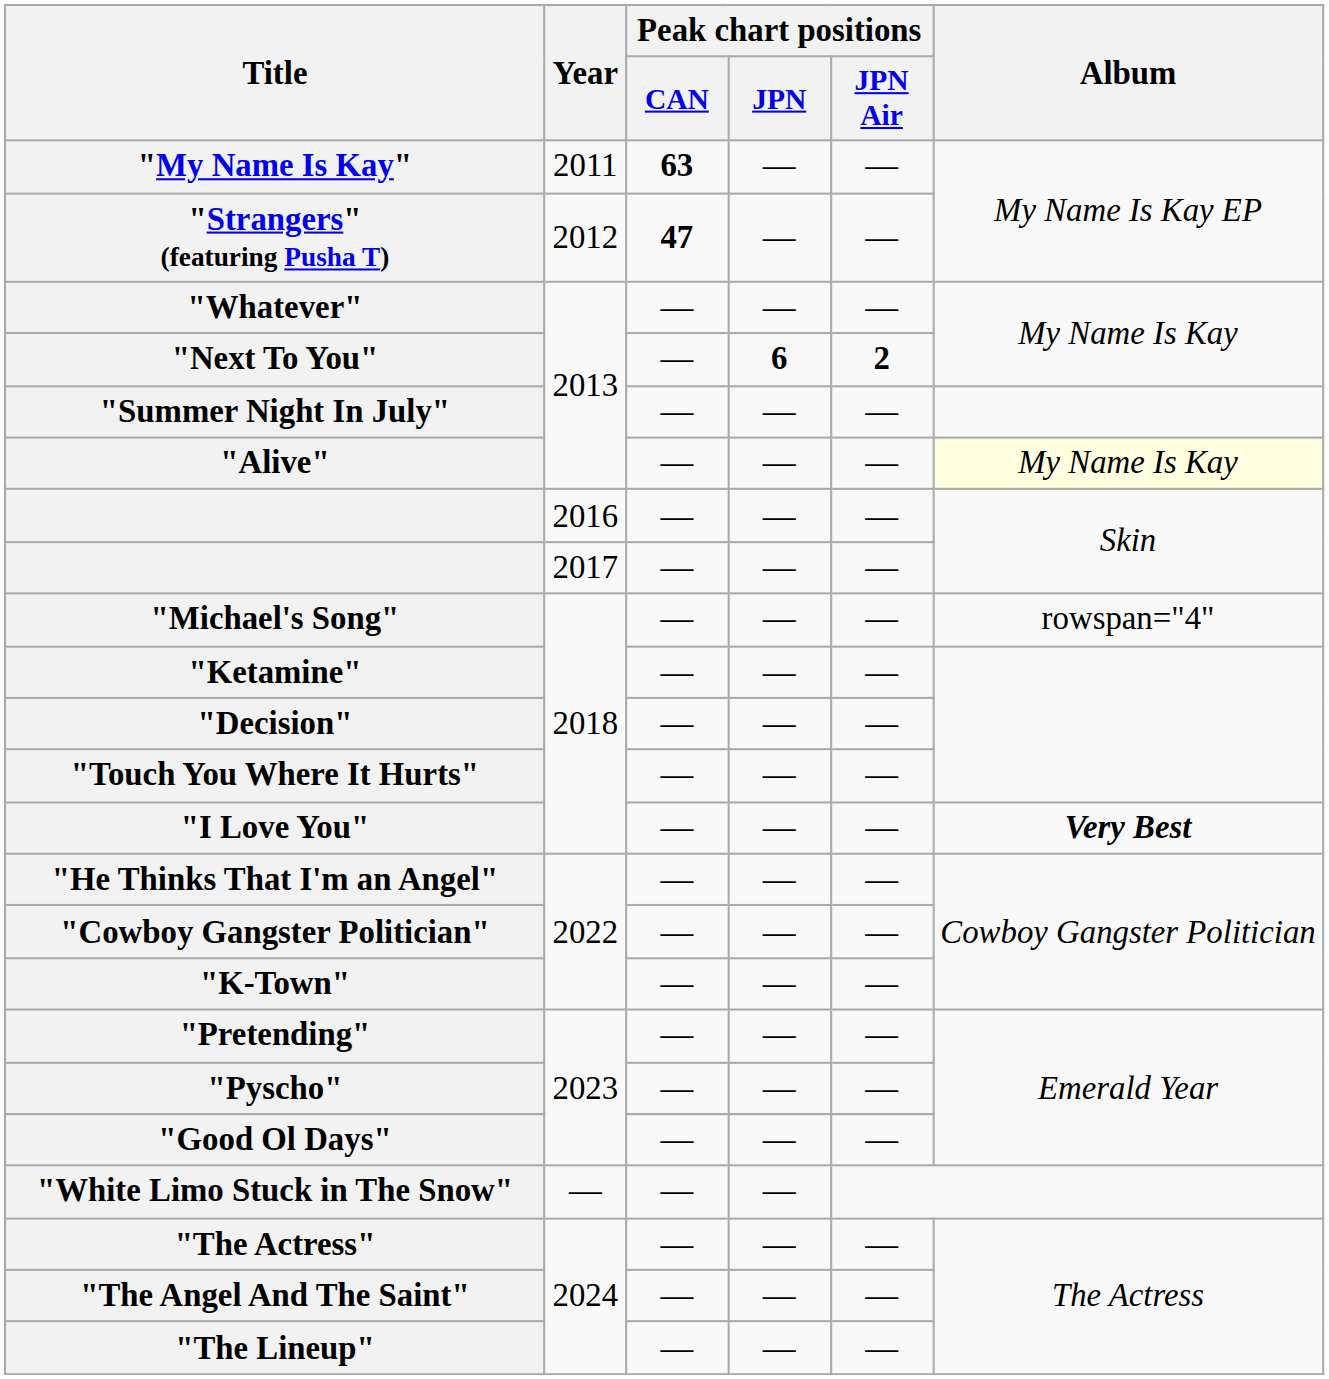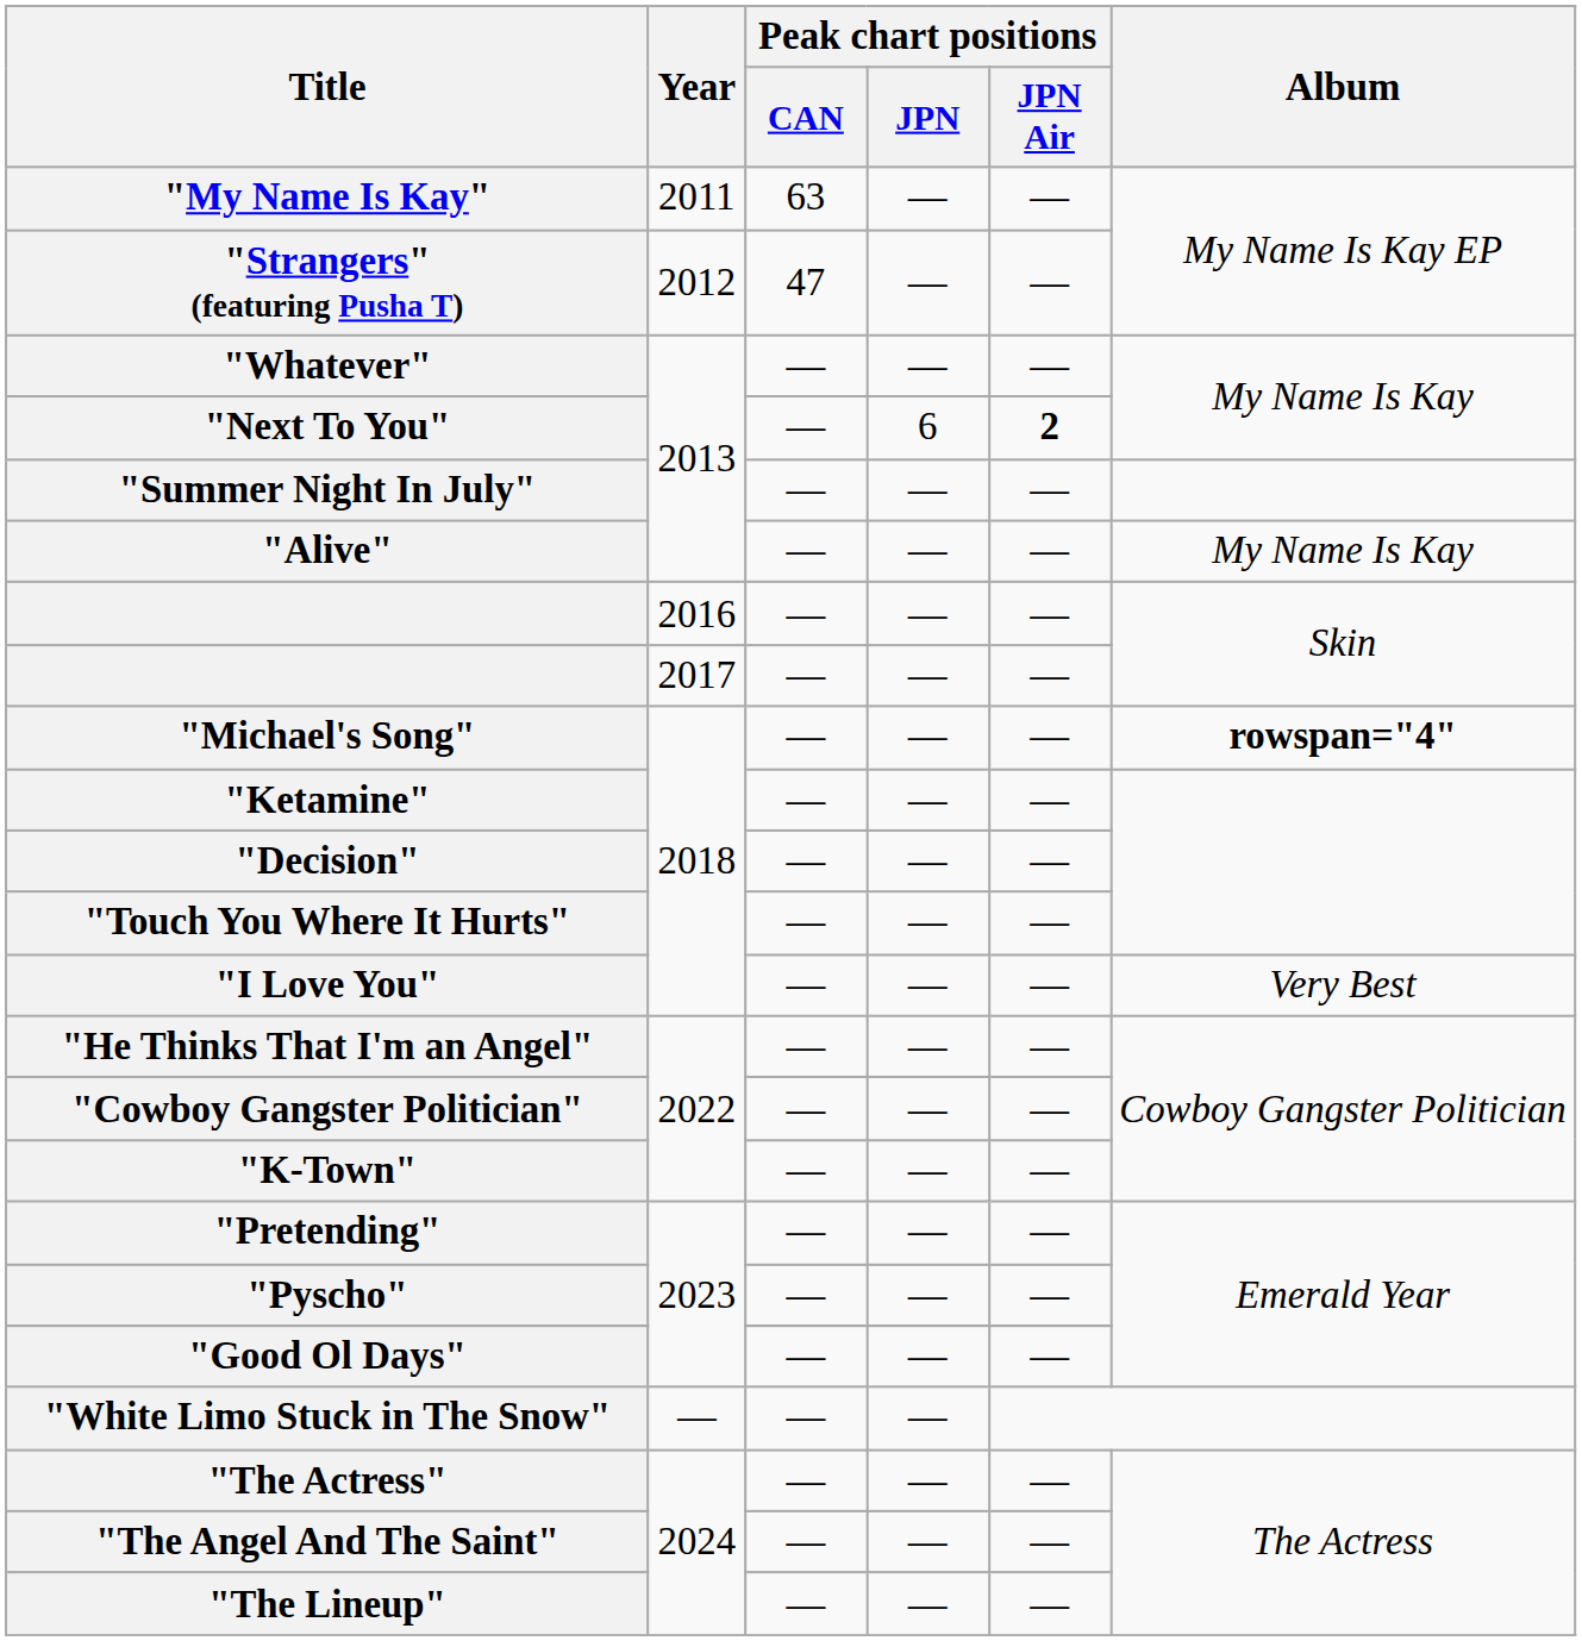 <table class="wikitable plainrowheaders" style="text-align:center;">
 <tr>
 <th scope="col" rowspan="2" style="width:16em;">Title</th>
 <th scope="col" rowspan="2">Year</th>
 <th scope="col" colspan="3">Peak chart positions</th>
 <th scope="col" rowspan="2">Album</th>
 </tr>
 <tr>
 <th scope="col" style="width:3em;font-size:90%;"><a href='#'>CAN</a><br></th>
 <th scope="col" style="width:3em;font-size:90%;"><a href='#'>JPN</a><br></th>
 <th scope="col" style="width:3em;font-size:90%;"><a href='#'>JPN<br>Air</a><br></th>
 </tr>
 <tr>
 <th scope="row">"<a href='#'>My Name Is Kay</a>"</th>
 <td>2011</td>
-<td><strong>63</strong></td>
+<td>63</td>
 <td>—</td>
 <td>—</td>
 <td rowspan="2"><em>My Name Is Kay EP</em></td>
 </tr>
 <tr>
 <th scope="row">"<a href='#'>Strangers</a>"<br><small>(featuring <a href='#'>Pusha T</a>)</small></th>
 <td>2012</td>
-<td><strong>47</strong></td>
+<td>47</td>
 <td>—</td>
 <td>—</td>
 </tr>
 <tr>
 <th scope="row">"Whatever"</th>
 <td rowspan="4">2013</td>
 <td>—</td>
 <td>—</td>
 <td>—</td>
 <td rowspan="2"><em>My Name Is Kay</em></td>
 </tr>
 <tr>
 <th scope="row">"Next To You"</th>
 <td>—</td>
-<td><strong>6</strong></td>
+<td>6</td>
 <td><strong>2</strong></td>
 </tr>
 <tr>
 <th scope="row">"Summer Night In July"<br></th>
 <td>—</td>
 <td>—</td>
 <td>—</td>
 <td></td>
 </tr>
 <tr>
 <th scope="row">"Alive"</th>
 <td>—</td>
 <td>—</td>
 <td>—</td>
-<td style="background: lightyellow;"><em>My Name Is Kay</em></td>
+<td><em>My Name Is Kay</em></td>
 </tr>
 <tr>
 <th scope="row"></th>
 <td>2016</td>
 <td>—</td>
 <td>—</td>
 <td>—</td>
 <td rowspan="2"><em>Skin</em></td>
 </tr>
 <tr>
 <th scope="row"></th>
 <td>2017</td>
 <td>—</td>
 <td>—</td>
 <td>—</td>
 </tr>
 <tr>
 <th scope="row">"Michael's Song"</th>
 <td rowspan="5">2018</td>
 <td>—</td>
 <td>—</td>
 <td>—</td>
-<td>rowspan="4" </td>
+<td><strong>rowspan="4" </strong></td>
 </tr>
 <tr>
 <th scope="row">"Ketamine"</th>
 <td>—</td>
 <td>—</td>
 <td>—</td>
 </tr>
 <tr>
 <th scope="row">"Decision"</th>
 <td>—</td>
 <td>—</td>
 <td>—</td>
 </tr>
 <tr>
 <th scope="row">"Touch You Where It Hurts"</th>
 <td>—</td>
 <td>—</td>
 <td>—</td>
 </tr>
 <tr>
 <th scope="row">"I Love You"</th>
 <td>—</td>
 <td>—</td>
 <td>—</td>
-<td><strong><em>Very Best</em></strong></td>
+<td><em>Very Best</em></td>
 </tr>
 <tr>
 <th scope="row">"He Thinks That I'm an Angel"<br></th>
 <td rowspan="3">2022</td>
 <td>—</td>
 <td>—</td>
 <td>—</td>
 <td rowspan="3"><em>Cowboy Gangster Politician</em></td>
 </tr>
 <tr>
 <th scope="row">"Cowboy Gangster Politician"</th>
 <td>—</td>
 <td>—</td>
 <td>—</td>
 </tr>
 <tr>
 <th scope="row">"K-Town"</th>
 <td>—</td>
 <td>—</td>
 <td>—</td>
 </tr>
 <tr>
 <th scope="row">"Pretending"</th>
 <td rowspan="4">2023</td>
 <td>—</td>
 <td>—</td>
 <td>—</td>
 <td rowspan="4"><em>Emerald Year</em></td>
 </tr>
 <tr>
 <th scope="row">"Pyscho"</th>
 <td>—</td>
 <td>—</td>
 <td>—</td>
 </tr>
 <tr>
 </tr>
 <tr>
 <th scope="row">"Good Ol Days"</th>
 <td>—</td>
 <td>—</td>
 <td>—</td>
 </tr>
 <tr>
 <th scope="row">"White Limo Stuck in The Snow"</th>
 <td>—</td>
 <td>—</td>
 <td>—</td>
 </tr>
 <tr>
 <th scope="row">"The Actress"</th>
 <td rowspan="3">2024</td>
 <td>—</td>
 <td>—</td>
 <td>—</td>
 <td rowspan="3"><em>The Actress</em></td>
 </tr>
 <tr>
 <th scope="row">"The Angel And The Saint"</th>
 <td>—</td>
 <td>—</td>
 <td>—</td>
 </tr>
 <tr>
 <th scope="row">"The Lineup"</th>
 <td>—</td>
 <td>—</td>
 <td>—</td>
 </tr>
 <tr>
 </tr>
 </table>
